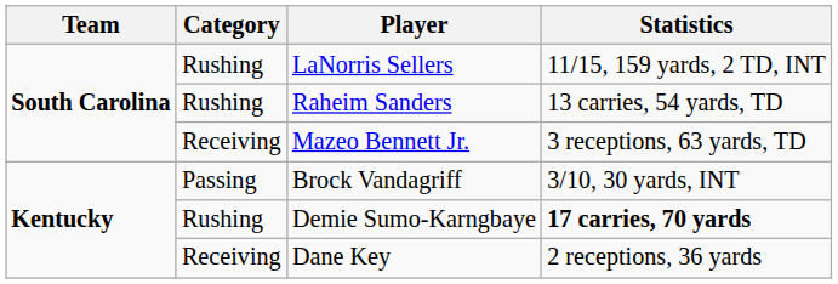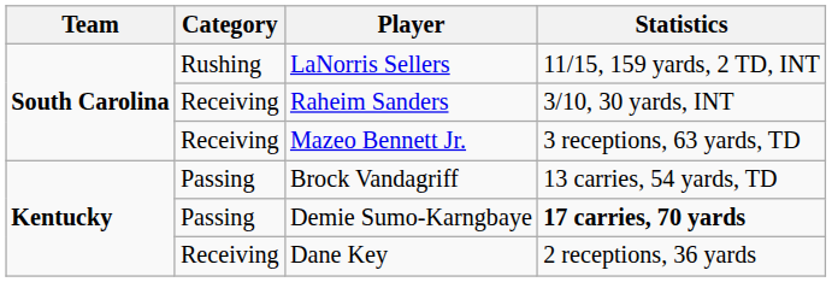 <table class="wikitable" style="float: right;">
 <tr>
 <th>Team</th>
 <th>Category</th>
 <th>Player</th>
 <th>Statistics</th>
 </tr>
 <tr>
 <td rowspan=3><strong>South Carolina</strong></td>
 <td>Rushing</td>
 <td><a href='#'>LaNorris Sellers</a></td>
 <td>11/15, 159 yards, 2 TD, INT</td>
 </tr>
 <tr>
-<td>Rushing</td>
+<td>Receiving</td>
 <td><a href='#'>Raheim Sanders</a></td>
-<td>13 carries, 54 yards, TD</td>
+<td>3/10, 30 yards, INT</td>
 </tr>
 <tr>
 <td>Receiving</td>
 <td><a href='#'>Mazeo Bennett Jr.</a></td>
 <td>3 receptions, 63 yards, TD</td>
 </tr>
 <tr>
 <td rowspan=3><strong>Kentucky</strong></td>
 <td>Passing</td>
 <td>Brock Vandagriff</td>
-<td>3/10, 30 yards, INT</td>
+<td>13 carries, 54 yards, TD</td>
 </tr>
 <tr>
-<td>Rushing</td>
+<td>Passing</td>
 <td>Demie Sumo-Karngbaye</td>
 <td><strong>17 carries, 70 yards</strong></td>
 </tr>
 <tr>
 <td>Receiving</td>
 <td>Dane Key</td>
 <td>2 receptions, 36 yards</td>
 </tr>
 </table>
